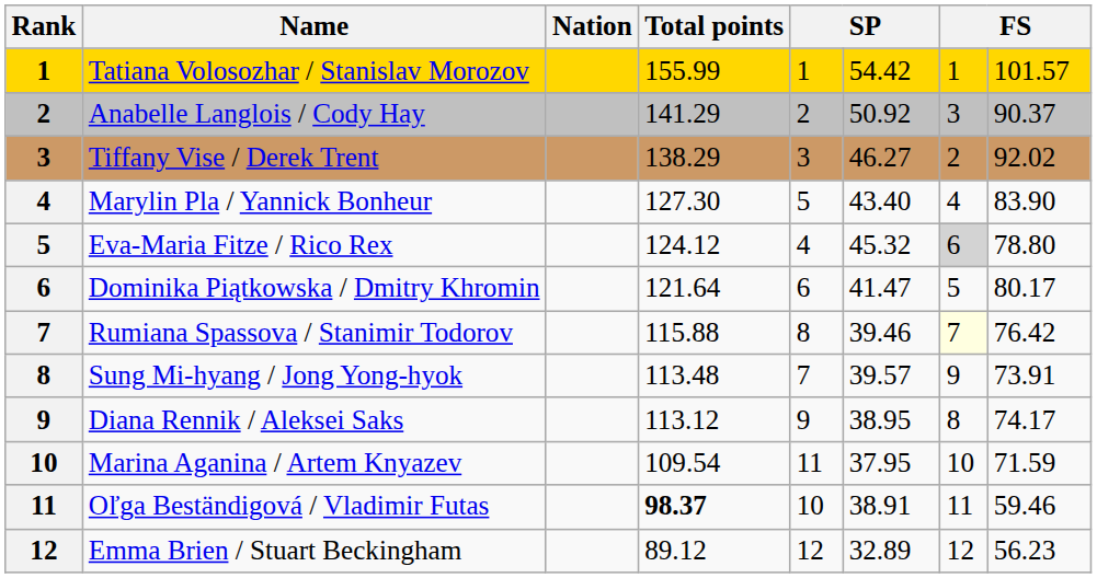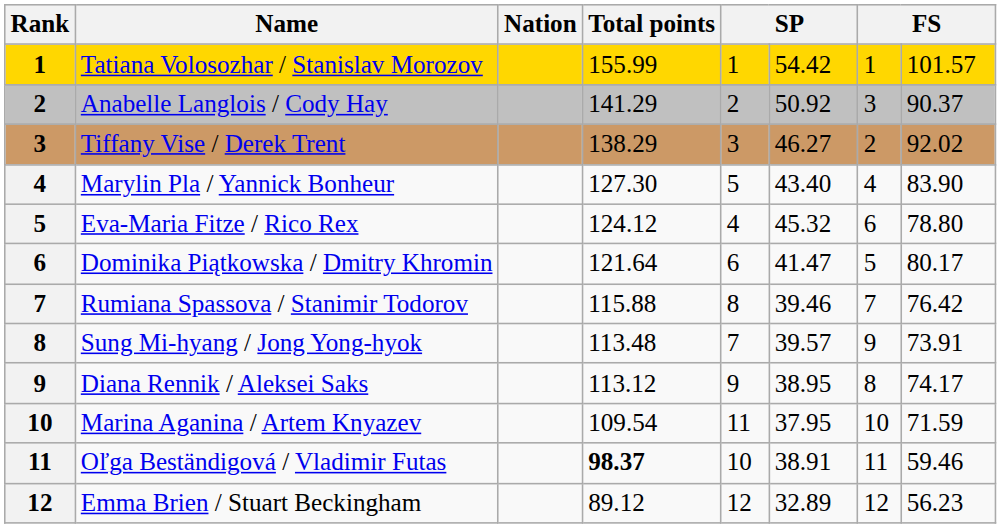 <table class="wikitable">
 <tr>
 <th>Rank</th>
 <th>Name</th>
 <th>Nation</th>
 <th>Total points</th>
 <th colspan="2" width="80px">SP</th>
 <th colspan="2" width="80px">FS</th>
 </tr>
 <tr bgcolor="gold">
 <td align="center"><strong>1</strong></td>
 <td><a href='#'>Tatiana Volosozhar</a> / <a href='#'>Stanislav Morozov</a></td>
 <td></td>
 <td>155.99</td>
 <td>1</td>
 <td>54.42</td>
 <td>1</td>
 <td>101.57</td>
 </tr>
 <tr bgcolor="silver">
 <td align="center"><strong>2</strong></td>
 <td><a href='#'>Anabelle Langlois</a> / <a href='#'>Cody Hay</a></td>
 <td></td>
 <td>141.29</td>
 <td>2</td>
 <td>50.92</td>
 <td>3</td>
 <td>90.37</td>
 </tr>
 <tr bgcolor="cc9966">
 <td align="center"><strong>3</strong></td>
 <td><a href='#'>Tiffany Vise</a> / <a href='#'>Derek Trent</a></td>
 <td></td>
 <td>138.29</td>
 <td>3</td>
 <td>46.27</td>
 <td>2</td>
 <td>92.02</td>
 </tr>
 <tr>
 <th>4</th>
 <td><a href='#'>Marylin Pla</a> / <a href='#'>Yannick Bonheur</a></td>
 <td></td>
 <td>127.30</td>
 <td>5</td>
 <td>43.40</td>
 <td>4</td>
 <td>83.90</td>
 </tr>
 <tr>
 <th>5</th>
 <td><a href='#'>Eva-Maria Fitze</a> / <a href='#'>Rico Rex</a></td>
 <td></td>
 <td>124.12</td>
 <td>4</td>
 <td>45.32</td>
-<td style="background: lightgrey;">6</td>
+<td>6</td>
 <td>78.80</td>
 </tr>
 <tr>
 <th>6</th>
 <td><a href='#'>Dominika Piątkowska</a> / <a href='#'>Dmitry Khromin</a></td>
 <td></td>
 <td>121.64</td>
 <td>6</td>
 <td>41.47</td>
 <td>5</td>
 <td>80.17</td>
 </tr>
 <tr>
 <th>7</th>
 <td><a href='#'>Rumiana Spassova</a> / <a href='#'>Stanimir Todorov</a></td>
 <td></td>
 <td>115.88</td>
 <td>8</td>
 <td>39.46</td>
-<td style="background: lightyellow;">7</td>
+<td>7</td>
 <td>76.42</td>
 </tr>
 <tr>
 <th>8</th>
 <td><a href='#'>Sung Mi-hyang</a> / <a href='#'>Jong Yong-hyok</a></td>
 <td></td>
 <td>113.48</td>
 <td>7</td>
 <td>39.57</td>
 <td>9</td>
 <td>73.91</td>
 </tr>
 <tr>
 <th>9</th>
 <td><a href='#'>Diana Rennik</a> / <a href='#'>Aleksei Saks</a></td>
 <td></td>
 <td>113.12</td>
 <td>9</td>
 <td>38.95</td>
 <td>8</td>
 <td>74.17</td>
 </tr>
 <tr>
 <th>10</th>
 <td><a href='#'>Marina Aganina</a> / <a href='#'>Artem Knyazev</a></td>
 <td></td>
 <td>109.54</td>
 <td>11</td>
 <td>37.95</td>
 <td>10</td>
 <td>71.59</td>
 </tr>
 <tr>
 <th>11</th>
 <td><a href='#'>Oľga Beständigová</a> / <a href='#'>Vladimir Futas</a></td>
 <td></td>
 <td><strong>98.37</strong></td>
 <td>10</td>
 <td>38.91</td>
 <td>11</td>
 <td>59.46</td>
 </tr>
 <tr>
 <th>12</th>
 <td><a href='#'>Emma Brien</a> / Stuart Beckingham</td>
 <td></td>
 <td>89.12</td>
 <td>12</td>
 <td>32.89</td>
 <td>12</td>
 <td>56.23</td>
 </tr>
 </table>
